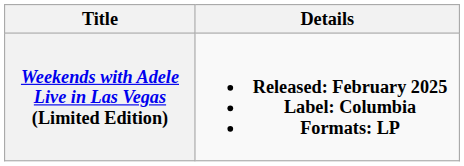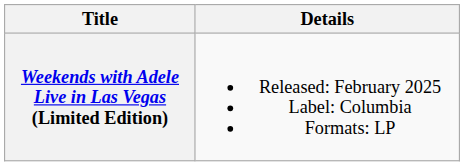 <table class="wikitable plainrowheaders" style="text-align:center;">
 <tr>
 <th scope="col" style="width:10em;">Title</th>
 <th scope="col" style="width:14em;">Details</th>
 </tr>
 <tr>
 <th scope="row"><em><a href='#'>Weekends with Adele Live in Las Vegas</a></em> (Limited Edition)</th>
-<td><strong><br><ul><li>Released: February 2025</li><li>Label: Columbia</li><li>Formats: LP</li></ul></strong></td>
+<td><br><ul><li>Released: February 2025</li><li>Label: Columbia</li><li>Formats: LP</li></ul></td>
 </tr>
 </table>
